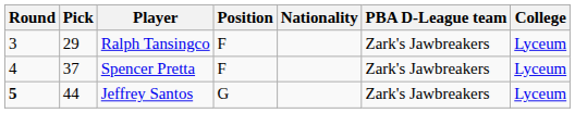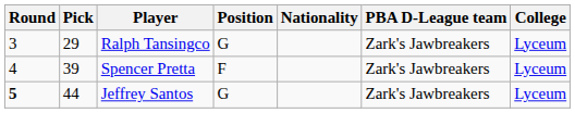 <table class="wikitable sortable sortable">
 <tr>
 <th>Round</th>
 <th>Pick</th>
 <th>Player</th>
 <th>Position</th>
 <th>Nationality</th>
 <th>PBA D-League team</th>
 <th>College</th>
 </tr>
 <tr>
 <td>3</td>
 <td>29</td>
 <td><a href='#'>Ralph Tansingco</a></td>
-<td>F</td>
+<td>G</td>
 <td></td>
 <td>Zark's Jawbreakers</td>
 <td><a href='#'>Lyceum</a></td>
 </tr>
 <tr>
 <td>4</td>
-<td>37</td>
+<td>39</td>
 <td><a href='#'>Spencer Pretta</a></td>
 <td>F</td>
 <td></td>
 <td>Zark's Jawbreakers</td>
 <td><a href='#'>Lyceum</a></td>
 </tr>
 <tr>
 <td><strong>5</strong></td>
 <td>44</td>
 <td><a href='#'>Jeffrey Santos</a></td>
 <td>G</td>
 <td></td>
 <td>Zark's Jawbreakers</td>
 <td><a href='#'>Lyceum</a></td>
 </tr>
 </table>
